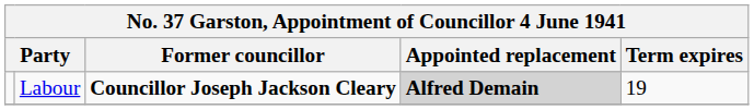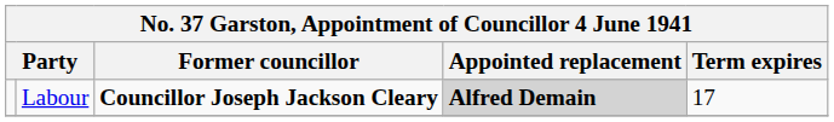 <table class="wikitable">
 <tr>
 <th colspan="5"><strong>No. 37 Garston, Appointment of Councillor 4 June 1941</strong></th>
 </tr>
 <tr>
 <th colspan="2">Party</th>
 <th>Former councillor</th>
 <th>Appointed replacement</th>
 <th>Term expires</th>
 </tr>
 <tr>
 <td style="background-color:"></td>
 <td><a href='#'>Labour</a></td>
 <td><strong>Councillor Joseph Jackson Cleary</strong></td>
 <td style="background: lightgrey;"><strong>Alfred Demain</strong></td>
-<td>19</td>
+<td>17</td>
 </tr>
 <tr>
 </tr>
 </table>
